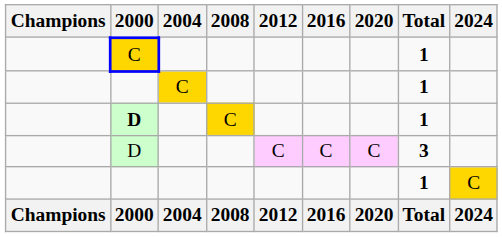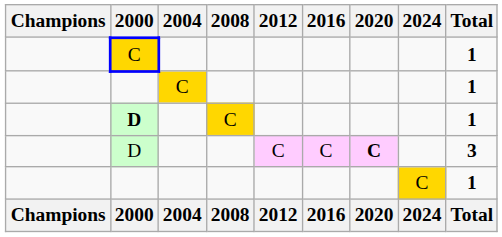 <table class="wikitable" style="text-align: center; font-size: 90%; margin-left: 1em;">
 <tr>
 <th>Champions</th>
 <th>2000</th>
 <th>2004</th>
 <th>2008</th>
 <th>2012</th>
 <th>2016</th>
 <th>2020</th>
+<th>2024</th>
 <th>Total</th>
-<th>2024</th>
 </tr>
 <tr>
 <td style="text-align: left;"></td>
 <td style="border: 2px solid blue; background-color: gold;">C</td>
 <td></td>
 <td></td>
 <td></td>
 <td></td>
 <td></td>
+<td></td>
 <td><strong>1</strong></td>
-<td></td>
 </tr>
 <tr>
 <td style="text-align: left;"></td>
 <td></td>
 <td style="background-color: gold;">C</td>
 <td></td>
 <td></td>
 <td></td>
 <td></td>
+<td></td>
 <td><strong>1</strong></td>
-<td></td>
 </tr>
 <tr>
 <td style="text-align: left;"></td>
 <td style="background-color: #ccffcc;"><strong>D</strong></td>
 <td></td>
 <td style="background-color: gold;">C</td>
 <td></td>
 <td></td>
 <td></td>
+<td></td>
 <td><strong>1</strong></td>
-<td></td>
 </tr>
 <tr>
 <td style="text-align: left;"></td>
 <td style="background-color: #ccffcc;">D</td>
 <td></td>
 <td></td>
 <td style="background-color: #ffccff;">C</td>
 <td style="background-color: #ffccff;">C</td>
-<td style="background-color: #ffccff;">C</td>
+<td style="background-color: #ffccff;"><strong>C</strong></td>
+<td></td>
 <td><strong>3</strong></td>
-<td></td>
 </tr>
 <tr>
 <td style="text-align: left;"></td>
 <td></td>
 <td></td>
 <td></td>
 <td></td>
 <td></td>
 <td></td>
+<td style="background-color: gold;">C</td>
 <td><strong>1</strong></td>
-<td style="background-color: gold;">C</td>
 </tr>
 <tr>
 <th>Champions</th>
 <th>2000</th>
 <th>2004</th>
 <th>2008</th>
 <th>2012</th>
 <th>2016</th>
 <th>2020</th>
+<th>2024</th>
 <th>Total</th>
-<th>2024</th>
 </tr>
 </table>
